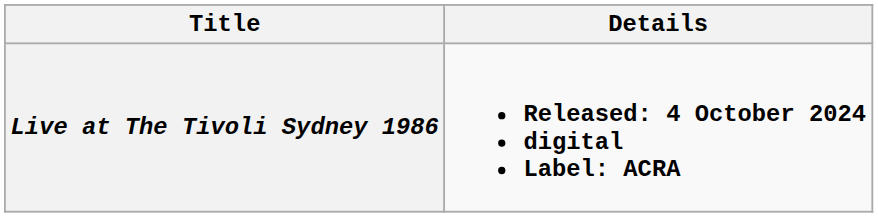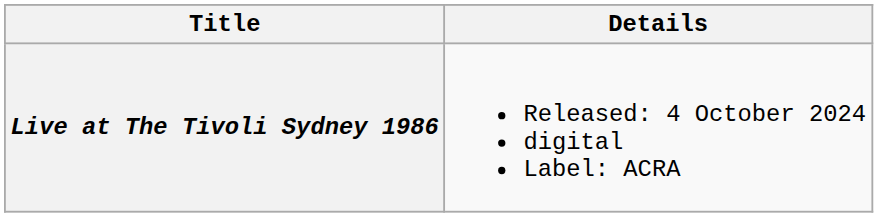 <table class="wikitable plainrowheaders">
 <tr>
 <th rowspan="1">Title</th>
 <th rowspan="1">Details</th>
 </tr>
 <tr>
 <th scope="row"><em>Live at The Tivoli Sydney 1986 </em></th>
-<td><strong><br><ul><li>Released: 4 October 2024</li><li>digital</li><li>Label: ACRA</li></ul></strong></td>
+<td><br><ul><li>Released: 4 October 2024</li><li>digital</li><li>Label: ACRA</li></ul></td>
 </tr>
 </table>
